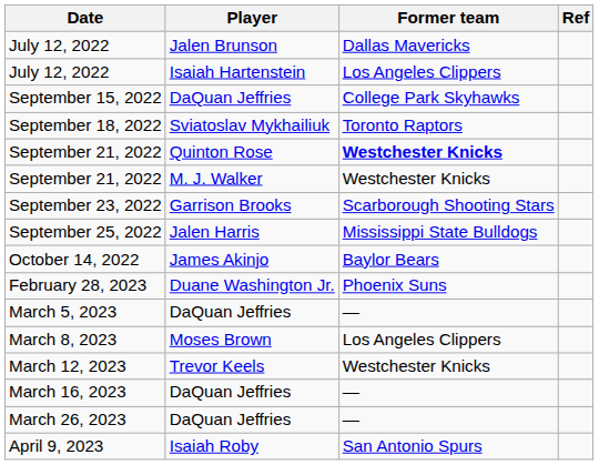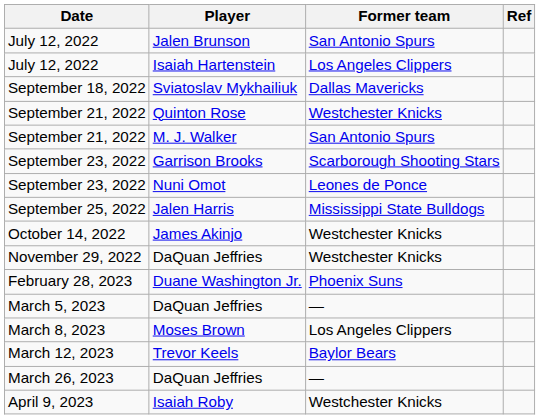 <table class="wikitable" style="text-align:left;">
 <tr>
 <th>Date</th>
 <th>Player</th>
 <th>Former team</th>
 <th>Ref</th>
 </tr>
 <tr>
 <td>July 12, 2022</td>
 <td><a href='#'>Jalen Brunson</a></td>
-<td><a href='#'>Dallas Mavericks</a></td>
+<td><a href='#'>San Antonio Spurs</a></td>
 <td></td>
 </tr>
 <tr>
 <td>July 12, 2022</td>
 <td><a href='#'>Isaiah Hartenstein</a></td>
 <td><a href='#'>Los Angeles Clippers</a></td>
 <td></td>
 </tr>
 <tr>
-<td>September 15, 2022</td>
-<td><a href='#'>DaQuan Jeffries</a></td>
-<td><a href='#'>College Park Skyhawks</a></td>
-<td></td>
-</tr>
-<tr>
 <td>September 18, 2022</td>
 <td><a href='#'>Sviatoslav Mykhailiuk</a></td>
-<td><a href='#'>Toronto Raptors</a></td>
+<td><a href='#'>Dallas Mavericks</a></td>
 <td></td>
 </tr>
 <tr>
 <td>September 21, 2022</td>
 <td><a href='#'>Quinton Rose</a></td>
-<td><strong><a href='#'>Westchester Knicks</a></strong></td>
+<td><a href='#'>Westchester Knicks</a></td>
 <td></td>
 </tr>
 <tr>
 <td>September 21, 2022</td>
 <td><a href='#'>M. J. Walker</a></td>
-<td>Westchester Knicks</td>
+<td><a href='#'>San Antonio Spurs</a></td>
 <td></td>
 </tr>
 <tr>
 <td>September 23, 2022</td>
 <td><a href='#'>Garrison Brooks</a></td>
 <td><a href='#'>Scarborough Shooting Stars</a></td>
+<td></td>
+</tr>
+<tr>
+<td>September 23, 2022</td>
+<td><a href='#'>Nuni Omot</a></td>
+<td><a href='#'>Leones de Ponce</a></td>
 <td></td>
 </tr>
 <tr>
 <td>September 25, 2022</td>
 <td><a href='#'>Jalen Harris</a></td>
 <td><a href='#'>Mississippi State Bulldogs</a></td>
 <td></td>
 </tr>
 <tr>
 <td>October 14, 2022</td>
 <td><a href='#'>James Akinjo</a></td>
-<td><a href='#'>Baylor Bears</a></td>
+<td>Westchester Knicks</td>
+<td></td>
+</tr>
+<tr>
+<td>November 29, 2022</td>
+<td>DaQuan Jeffries</td>
+<td>Westchester Knicks</td>
 <td></td>
 </tr>
 <tr>
 <td>February 28, 2023</td>
 <td><a href='#'>Duane Washington Jr.</a></td>
 <td><a href='#'>Phoenix Suns</a></td>
 <td></td>
 </tr>
 <tr>
 <td>March 5, 2023</td>
 <td>DaQuan Jeffries</td>
 <td>—</td>
 <td></td>
 </tr>
 <tr>
 <td>March 8, 2023</td>
 <td><a href='#'>Moses Brown</a></td>
 <td>Los Angeles Clippers</td>
 <td></td>
 </tr>
 <tr>
 <td>March 12, 2023</td>
 <td><a href='#'>Trevor Keels</a></td>
-<td>Westchester Knicks</td>
-<td></td>
-</tr>
-<tr>
-<td>March 16, 2023</td>
-<td>DaQuan Jeffries</td>
-<td>—</td>
+<td><a href='#'>Baylor Bears</a></td>
 <td></td>
 </tr>
 <tr>
 <td>March 26, 2023</td>
 <td>DaQuan Jeffries</td>
 <td>—</td>
 <td></td>
 </tr>
 <tr>
 <td>April 9, 2023</td>
 <td><a href='#'>Isaiah Roby</a></td>
-<td><a href='#'>San Antonio Spurs</a></td>
+<td>Westchester Knicks</td>
 <td></td>
 </tr>
 </table>
